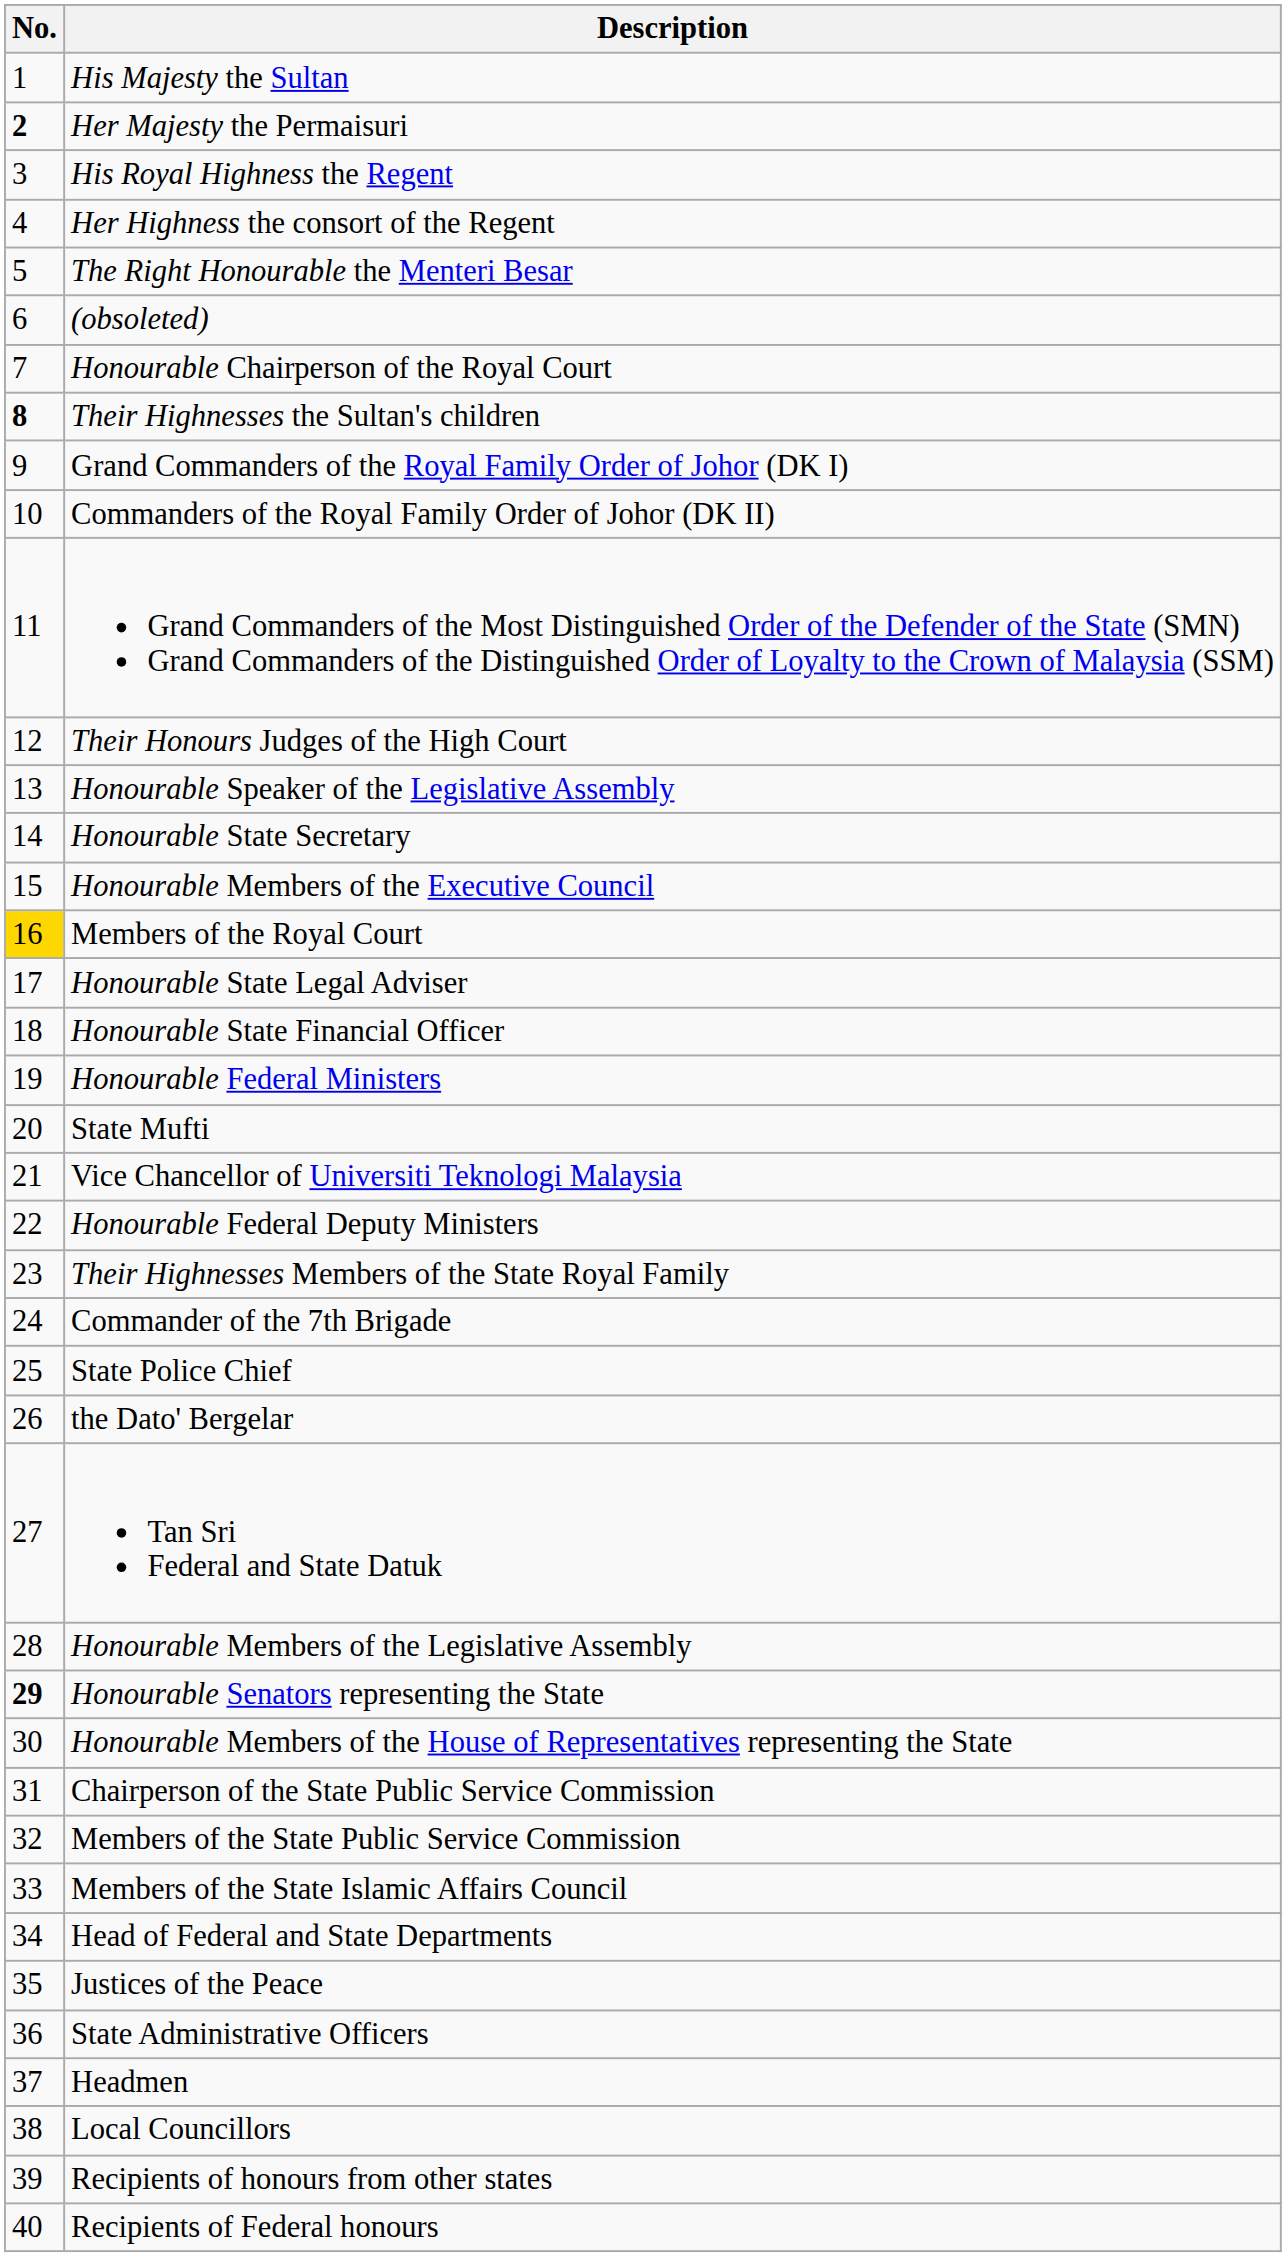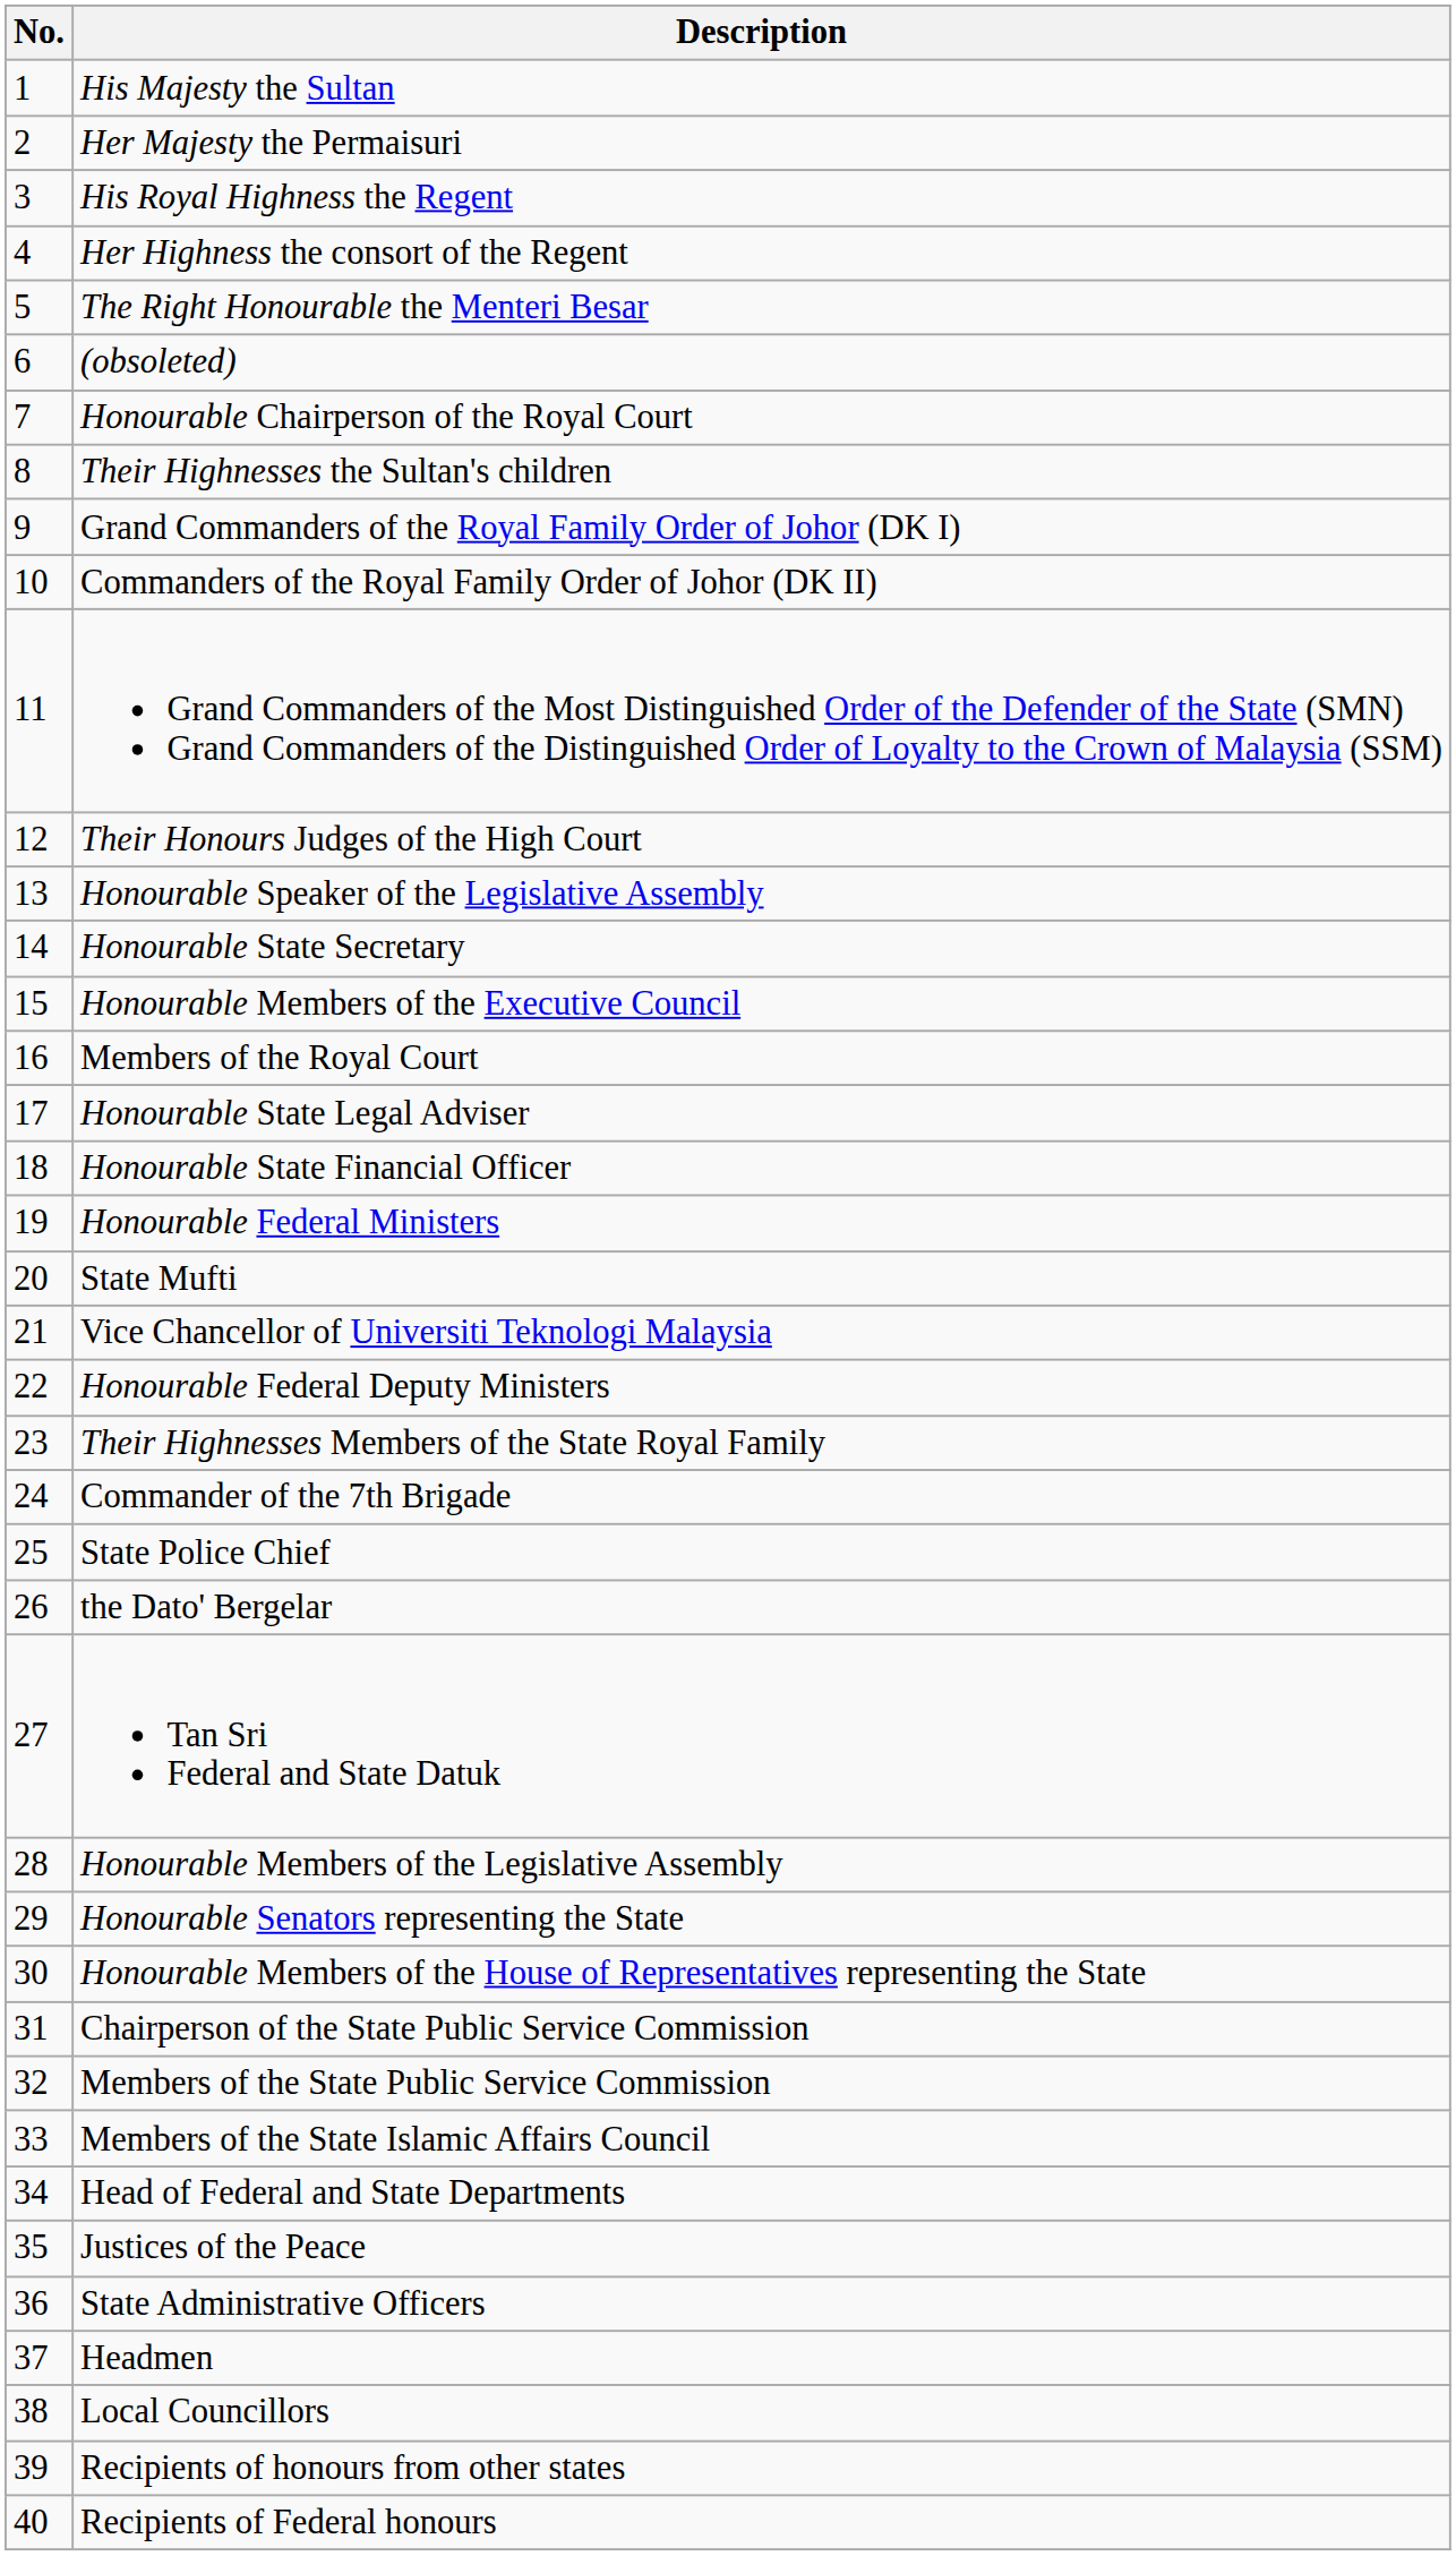 <table class="wikitable">
 <tr>
 <th>No.</th>
 <th>Description</th>
 </tr>
 <tr>
 <td>1</td>
 <td><em>His Majesty</em> the <a href='#'>Sultan</a></td>
 </tr>
 <tr>
-<td><strong>2</strong></td>
+<td>2</td>
 <td><em>Her Majesty</em> the Permaisuri</td>
 </tr>
 <tr>
 <td>3</td>
 <td><em>His Royal Highness</em> the <a href='#'>Regent</a></td>
 </tr>
 <tr>
 <td>4</td>
 <td><em>Her Highness</em> the consort of the Regent</td>
 </tr>
 <tr>
 <td>5</td>
 <td><em>The Right Honourable</em> the <a href='#'>Menteri Besar</a></td>
 </tr>
 <tr>
 <td>6</td>
 <td><em>(obsoleted)</em></td>
 </tr>
 <tr>
 <td>7</td>
 <td><em>Honourable</em> Chairperson of the Royal Court</td>
 </tr>
 <tr>
-<td><strong>8</strong></td>
+<td>8</td>
 <td><em>Their Highnesses</em> the Sultan's children</td>
 </tr>
 <tr>
 <td>9</td>
 <td>Grand Commanders of the <a href='#'>Royal Family Order of Johor</a> (DK I)</td>
 </tr>
 <tr>
 <td>10</td>
 <td>Commanders of the Royal Family Order of Johor (DK II)</td>
 </tr>
 <tr>
 <td>11</td>
 <td><br><ul><li>Grand Commanders of the Most Distinguished <a href='#'>Order of the Defender of the State</a> (SMN)</li><li>Grand Commanders of the Distinguished <a href='#'>Order of Loyalty to the Crown of Malaysia</a> (SSM)</li></ul></td>
 </tr>
 <tr>
 <td>12</td>
 <td><em>Their Honours</em> Judges of the High Court</td>
 </tr>
 <tr>
 <td>13</td>
 <td><em>Honourable</em> Speaker of the <a href='#'>Legislative Assembly</a></td>
 </tr>
 <tr>
 <td>14</td>
 <td><em>Honourable</em> State Secretary</td>
 </tr>
 <tr>
 <td>15</td>
 <td><em>Honourable</em> Members of the <a href='#'>Executive Council</a></td>
 </tr>
 <tr>
-<td style="background: gold;">16</td>
+<td>16</td>
 <td>Members of the Royal Court</td>
 </tr>
 <tr>
 <td>17</td>
 <td><em>Honourable</em> State Legal Adviser</td>
 </tr>
 <tr>
 <td>18</td>
 <td><em>Honourable</em> State Financial Officer</td>
 </tr>
 <tr>
 <td>19</td>
 <td><em>Honourable</em> <a href='#'>Federal Ministers</a></td>
 </tr>
 <tr>
 <td>20</td>
 <td>State Mufti</td>
 </tr>
 <tr>
 <td>21</td>
 <td>Vice Chancellor of <a href='#'>Universiti Teknologi Malaysia</a></td>
 </tr>
 <tr>
 <td>22</td>
 <td><em>Honourable</em> Federal Deputy Ministers</td>
 </tr>
 <tr>
 <td>23</td>
 <td><em>Their Highnesses</em> Members of the State Royal Family</td>
 </tr>
 <tr>
 <td>24</td>
 <td>Commander of the 7th Brigade</td>
 </tr>
 <tr>
 <td>25</td>
 <td>State Police Chief</td>
 </tr>
 <tr>
 <td>26</td>
 <td>the Dato' Bergelar</td>
 </tr>
 <tr>
 <td>27</td>
 <td><br><ul><li>Tan Sri</li><li>Federal and State Datuk</li></ul></td>
 </tr>
 <tr>
 <td>28</td>
 <td><em>Honourable</em> Members of the Legislative Assembly</td>
 </tr>
 <tr>
-<td><strong>29</strong></td>
+<td>29</td>
 <td><em>Honourable</em> <a href='#'>Senators</a> representing the State</td>
 </tr>
 <tr>
 <td>30</td>
 <td><em>Honourable</em> Members of the <a href='#'>House of Representatives</a> representing the State</td>
 </tr>
 <tr>
 <td>31</td>
 <td>Chairperson of the State Public Service Commission</td>
 </tr>
 <tr>
 <td>32</td>
 <td>Members of the State Public Service Commission</td>
 </tr>
 <tr>
 <td>33</td>
 <td>Members of the State Islamic Affairs Council</td>
 </tr>
 <tr>
 <td>34</td>
 <td>Head of Federal and State Departments</td>
 </tr>
 <tr>
 <td>35</td>
 <td>Justices of the Peace</td>
 </tr>
 <tr>
 <td>36</td>
 <td>State Administrative Officers</td>
 </tr>
 <tr>
 <td>37</td>
 <td>Headmen</td>
 </tr>
 <tr>
 <td>38</td>
 <td>Local Councillors</td>
 </tr>
 <tr>
 <td>39</td>
 <td>Recipients of honours from other states</td>
 </tr>
 <tr>
 <td>40</td>
 <td>Recipients of Federal honours</td>
 </tr>
 </table>
